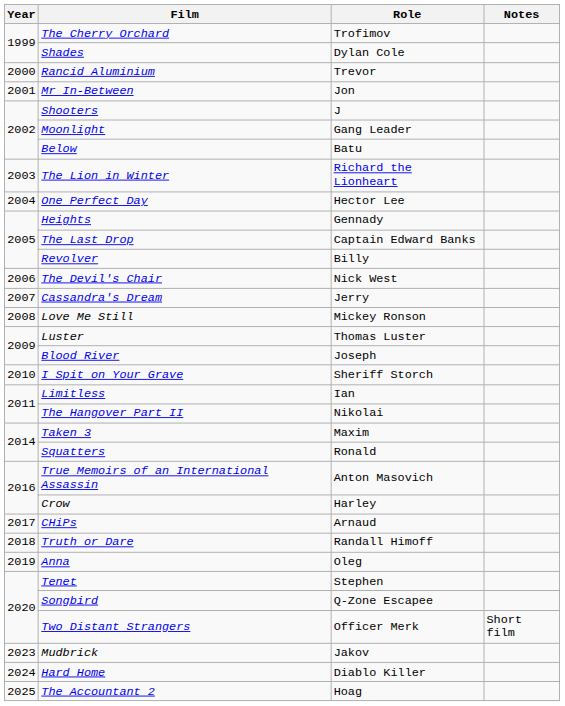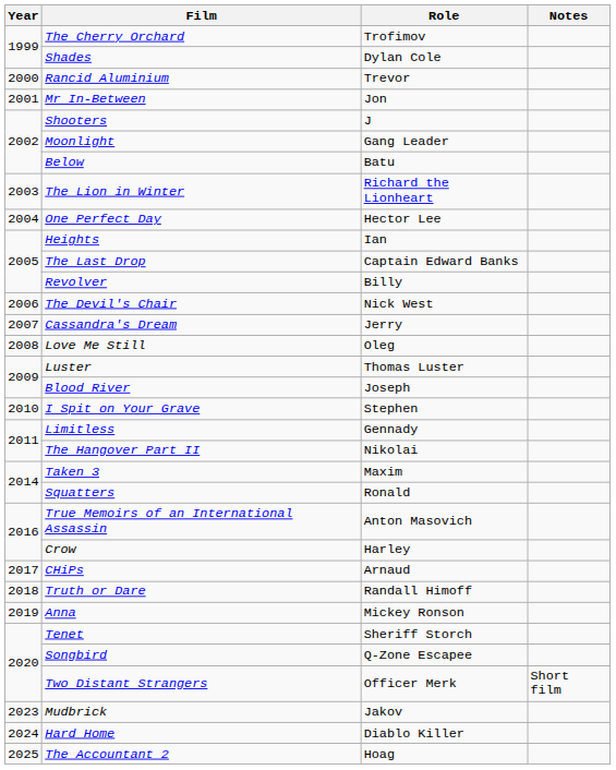 <table class="wikitable">
 <tr>
 <th>Year</th>
 <th>Film</th>
 <th>Role</th>
 <th>Notes</th>
 </tr>
 <tr>
 <td rowspan="2">1999</td>
 <td><em><a href='#'>The Cherry Orchard</a></em></td>
 <td>Trofimov</td>
 <td></td>
 </tr>
 <tr>
 <td><em><a href='#'>Shades</a></em></td>
 <td>Dylan Cole</td>
 <td></td>
 </tr>
 <tr>
 <td>2000</td>
 <td><em><a href='#'>Rancid Aluminium</a></em></td>
 <td>Trevor</td>
 <td></td>
 </tr>
 <tr>
 <td>2001</td>
 <td><em><a href='#'>Mr In-Between</a></em></td>
 <td>Jon</td>
 <td></td>
 </tr>
 <tr>
 <td rowspan="3">2002</td>
 <td><em><a href='#'>Shooters</a></em></td>
 <td>J</td>
 <td></td>
 </tr>
 <tr>
 <td><em><a href='#'>Moonlight</a></em></td>
 <td>Gang Leader</td>
 <td></td>
 </tr>
 <tr>
 <td><em><a href='#'>Below</a></em></td>
 <td>Batu</td>
 <td></td>
 </tr>
 <tr>
 <td>2003</td>
 <td><em><a href='#'>The Lion in Winter</a></em></td>
 <td><a href='#'>Richard the Lionheart</a></td>
 <td></td>
 </tr>
 <tr>
 <td>2004</td>
 <td><em><a href='#'>One Perfect Day</a></em></td>
 <td>Hector Lee</td>
 <td></td>
 </tr>
 <tr>
 <td rowspan="3">2005</td>
 <td><em><a href='#'>Heights</a></em></td>
-<td>Gennady</td>
+<td>Ian</td>
 <td></td>
 </tr>
 <tr>
 <td><em><a href='#'>The Last Drop</a></em></td>
 <td>Captain Edward Banks</td>
 <td></td>
 </tr>
 <tr>
 <td><em><a href='#'>Revolver</a></em></td>
 <td>Billy</td>
 <td></td>
 </tr>
 <tr>
 <td>2006</td>
 <td><em><a href='#'>The Devil's Chair</a></em></td>
 <td>Nick West</td>
 <td></td>
 </tr>
 <tr>
 <td>2007</td>
 <td><em><a href='#'>Cassandra's Dream</a></em></td>
 <td>Jerry</td>
 <td></td>
 </tr>
 <tr>
 <td>2008</td>
 <td><em>Love Me Still</em></td>
-<td>Mickey Ronson</td>
+<td>Oleg</td>
 <td></td>
 </tr>
 <tr>
 <td rowspan="2">2009</td>
 <td><em>Luster</em></td>
 <td>Thomas Luster</td>
 <td></td>
 </tr>
 <tr>
 <td><em><a href='#'>Blood River</a></em></td>
 <td>Joseph</td>
 <td></td>
 </tr>
 <tr>
 <td>2010</td>
 <td><em><a href='#'>I Spit on Your Grave</a></em></td>
-<td>Sheriff Storch</td>
+<td>Stephen</td>
 <td></td>
 </tr>
 <tr>
 <td rowspan="2">2011</td>
 <td><em><a href='#'>Limitless</a></em></td>
-<td>Ian</td>
+<td>Gennady</td>
 <td></td>
 </tr>
 <tr>
 <td><em><a href='#'>The Hangover Part II</a></em></td>
 <td>Nikolai</td>
 <td></td>
 </tr>
 <tr>
 <td rowspan="2">2014</td>
 <td><em><a href='#'>Taken 3</a></em></td>
 <td>Maxim</td>
 <td></td>
 </tr>
 <tr>
 <td><em><a href='#'>Squatters</a></em></td>
 <td>Ronald</td>
 <td></td>
 </tr>
 <tr>
 <td rowspan="2">2016</td>
 <td><em><a href='#'>True Memoirs of an International Assassin</a></em></td>
 <td>Anton Masovich</td>
 <td></td>
 </tr>
 <tr>
 <td><em>Crow</em></td>
 <td>Harley</td>
 <td></td>
 </tr>
 <tr>
 <td>2017</td>
 <td><em><a href='#'>CHiPs</a></em></td>
 <td>Arnaud</td>
 <td></td>
 </tr>
 <tr>
 <td>2018</td>
 <td><em><a href='#'>Truth or Dare</a></em></td>
 <td>Randall Himoff</td>
 <td></td>
 </tr>
 <tr>
 <td>2019</td>
 <td><em><a href='#'>Anna</a></em></td>
-<td>Oleg</td>
+<td>Mickey Ronson</td>
 <td></td>
 </tr>
 <tr>
 <td rowspan="3">2020</td>
 <td><em><a href='#'>Tenet</a></em></td>
-<td>Stephen</td>
+<td>Sheriff Storch</td>
 <td></td>
 </tr>
 <tr>
 <td><em><a href='#'>Songbird</a></em></td>
 <td>Q-Zone Escapee</td>
 <td></td>
 </tr>
 <tr>
 <td><em><a href='#'>Two Distant Strangers</a></em></td>
 <td>Officer Merk</td>
 <td>Short film</td>
 </tr>
 <tr>
 <td>2023</td>
 <td><em>Mudbrick</em></td>
 <td>Jakov</td>
 <td></td>
 </tr>
 <tr>
 <td>2024</td>
 <td><em><a href='#'>Hard Home</a></em></td>
 <td>Diablo Killer</td>
 <td></td>
 </tr>
 <tr>
 <td>2025</td>
 <td><em><a href='#'>The Accountant 2</a></em></td>
 <td>Hoag</td>
 <td></td>
 </tr>
 </table>
